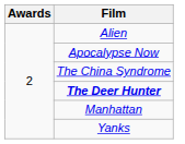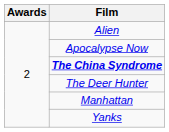 <table class="wikitable" style="text-align:center;">
 <tr>
 <th style="background:">Awards</th>
 <th style="background:">Film</th>
 </tr>
 <tr>
 <td rowspan="6">2</td>
 <td><em><a href='#'>Alien</a></em></td>
 </tr>
 <tr>
 <td><em><a href='#'>Apocalypse Now</a></em></td>
 </tr>
 <tr>
-<td><em><a href='#'>The China Syndrome</a></em></td>
+<td><strong><em><a href='#'>The China Syndrome</a></em></strong></td>
 </tr>
 <tr>
-<td><strong><em><a href='#'>The Deer Hunter</a></em></strong></td>
+<td><em><a href='#'>The Deer Hunter</a></em></td>
 </tr>
 <tr>
 <td><em><a href='#'>Manhattan</a></em></td>
 </tr>
 <tr>
 <td><em><a href='#'>Yanks</a></em></td>
 </tr>
 </table>
